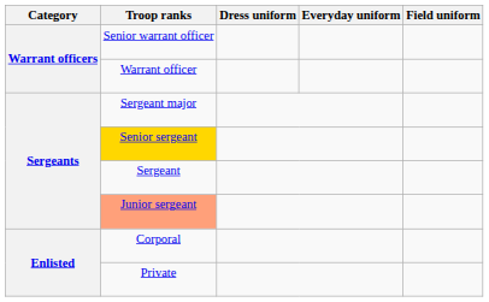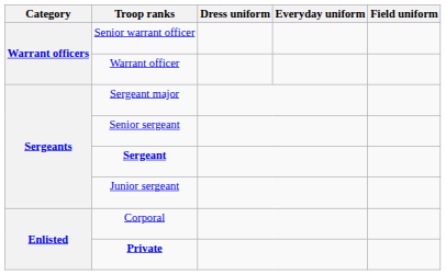 <table class="wikitable" style="text-align:center;">
 <tr>
 <th>Category</th>
 <th>Troop ranks</th>
 <th>Dress uniform</th>
 <th>Everyday uniform</th>
 <th>Field uniform</th>
 </tr>
 <tr>
 <th rowspan=2><a href='#'>Warrant officers</a></th>
 <td><a href='#'>Senior warrant officer</a><br><br></td>
 <td></td>
 <td></td>
 <td></td>
 </tr>
 <tr>
 <td><a href='#'>Warrant officer</a><br><br></td>
 <td></td>
 <td></td>
 <td></td>
 </tr>
 <tr>
 <th rowspan=4><a href='#'>Sergeants</a></th>
 <td><a href='#'>Sergeant major</a><br><br></td>
 <td colspan=2></td>
 <td></td>
 </tr>
 <tr>
-<td style="background: gold;"><a href='#'>Senior sergeant</a><br><br></td>
+<td><a href='#'>Senior sergeant</a><br><br></td>
 <td colspan=2></td>
 <td></td>
 </tr>
 <tr>
-<td><a href='#'>Sergeant</a><br><br></td>
+<td><strong><a href='#'>Sergeant</a><br><br></strong></td>
 <td colspan=2></td>
 <td></td>
 </tr>
 <tr>
-<td style="background: lightsalmon;"><a href='#'>Junior sergeant</a><br><br></td>
+<td><a href='#'>Junior sergeant</a><br><br></td>
 <td colspan=2></td>
 <td></td>
 </tr>
 <tr>
 <th rowspan=2><a href='#'>Enlisted</a></th>
 <td><a href='#'>Corporal</a><br><br></td>
 <td colspan=2></td>
 <td></td>
 </tr>
 <tr>
-<td><a href='#'>Private</a><br><br></td>
+<td><strong><a href='#'>Private</a><br><br></strong></td>
 <td colspan=2></td>
 <td></td>
 </tr>
 </table>
